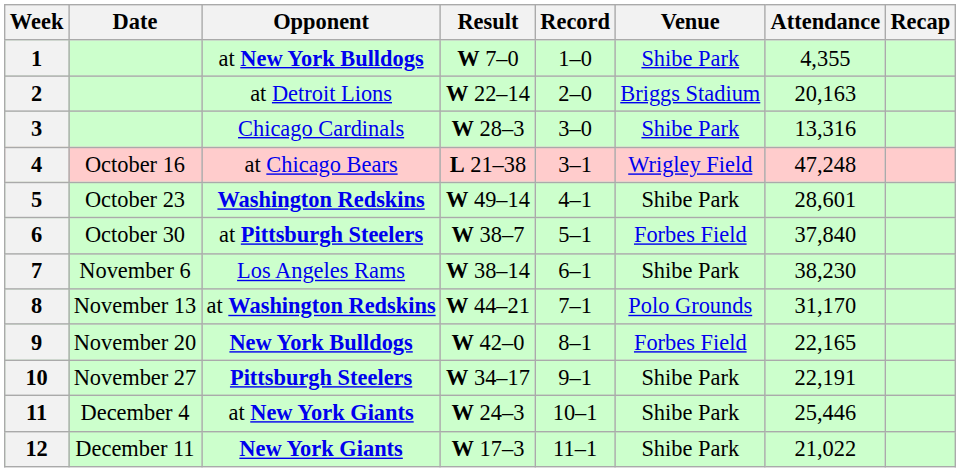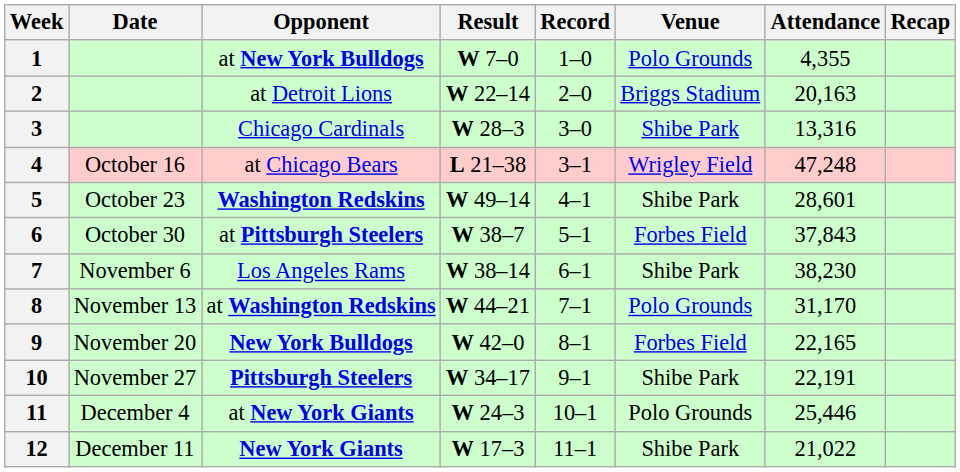 <table class="wikitable" style="text-align:center">
 <tr>
 <th>Week</th>
 <th>Date</th>
 <th>Opponent</th>
 <th>Result</th>
 <th>Record</th>
 <th>Venue</th>
 <th>Attendance</th>
 <th>Recap</th>
 </tr>
 <tr style="background:#cfc">
 <th>1</th>
 <td></td>
 <td>at <strong><a href='#'>New York Bulldogs</a></strong></td>
 <td><strong>W</strong> 7–0</td>
 <td>1–0</td>
-<td><a href='#'>Shibe Park</a></td>
+<td><a href='#'>Polo Grounds</a></td>
 <td>4,355</td>
 <td></td>
 </tr>
 <tr style="background:#cfc">
 <th>2</th>
 <td></td>
 <td>at <a href='#'>Detroit Lions</a></td>
 <td><strong>W</strong> 22–14</td>
 <td>2–0</td>
 <td><a href='#'>Briggs Stadium</a></td>
 <td>20,163</td>
 <td></td>
 </tr>
 <tr style="background:#cfc">
 <th>3</th>
 <td></td>
 <td><a href='#'>Chicago Cardinals</a></td>
 <td><strong>W</strong> 28–3</td>
 <td>3–0</td>
 <td><a href='#'>Shibe Park</a></td>
 <td>13,316</td>
 <td></td>
 </tr>
 <tr style="background:#fcc">
 <th>4</th>
 <td>October 16</td>
 <td>at <a href='#'>Chicago Bears</a></td>
 <td><strong>L</strong> 21–38</td>
 <td>3–1</td>
 <td><a href='#'>Wrigley Field</a></td>
 <td>47,248</td>
 <td></td>
 </tr>
 <tr style="background:#cfc">
 <th>5</th>
 <td>October 23</td>
 <td><strong><a href='#'>Washington Redskins</a></strong></td>
 <td><strong>W</strong> 49–14</td>
 <td>4–1</td>
 <td>Shibe Park</td>
 <td>28,601</td>
 <td></td>
 </tr>
 <tr style="background:#cfc">
 <th>6</th>
 <td>October 30</td>
 <td>at <strong><a href='#'>Pittsburgh Steelers</a></strong></td>
 <td><strong>W</strong> 38–7</td>
 <td>5–1</td>
 <td><a href='#'>Forbes Field</a></td>
-<td>37,840</td>
+<td>37,843</td>
 <td></td>
 </tr>
 <tr style="background:#cfc">
 <th>7</th>
 <td>November 6</td>
 <td><a href='#'>Los Angeles Rams</a></td>
 <td><strong>W</strong> 38–14</td>
 <td>6–1</td>
 <td>Shibe Park</td>
 <td>38,230</td>
 <td></td>
 </tr>
 <tr style="background:#cfc">
 <th>8</th>
 <td>November 13</td>
 <td>at <strong><a href='#'>Washington Redskins</a></strong></td>
 <td><strong>W</strong> 44–21</td>
 <td>7–1</td>
 <td><a href='#'>Polo Grounds</a></td>
 <td>31,170</td>
 <td></td>
 </tr>
 <tr style="background:#cfc">
 <th>9</th>
 <td>November 20</td>
 <td><strong><a href='#'>New York Bulldogs</a></strong></td>
 <td><strong>W</strong> 42–0</td>
 <td>8–1</td>
 <td><a href='#'>Forbes Field</a></td>
 <td>22,165</td>
 <td></td>
 </tr>
 <tr style="background:#cfc">
 <th>10</th>
 <td>November 27</td>
 <td><strong><a href='#'>Pittsburgh Steelers</a></strong></td>
 <td><strong>W</strong> 34–17</td>
 <td>9–1</td>
 <td>Shibe Park</td>
 <td>22,191</td>
 <td></td>
 </tr>
 <tr style="background:#cfc">
 <th>11</th>
 <td>December 4</td>
 <td>at <strong><a href='#'>New York Giants</a></strong></td>
 <td><strong>W</strong> 24–3</td>
 <td>10–1</td>
-<td>Shibe Park</td>
+<td>Polo Grounds</td>
 <td>25,446</td>
 <td></td>
 </tr>
 <tr style="background:#cfc">
 <th>12</th>
 <td>December 11</td>
 <td><strong><a href='#'>New York Giants</a></strong></td>
 <td><strong>W</strong> 17–3</td>
 <td>11–1</td>
 <td>Shibe Park</td>
 <td>21,022</td>
 <td></td>
 </tr>
 </table>
